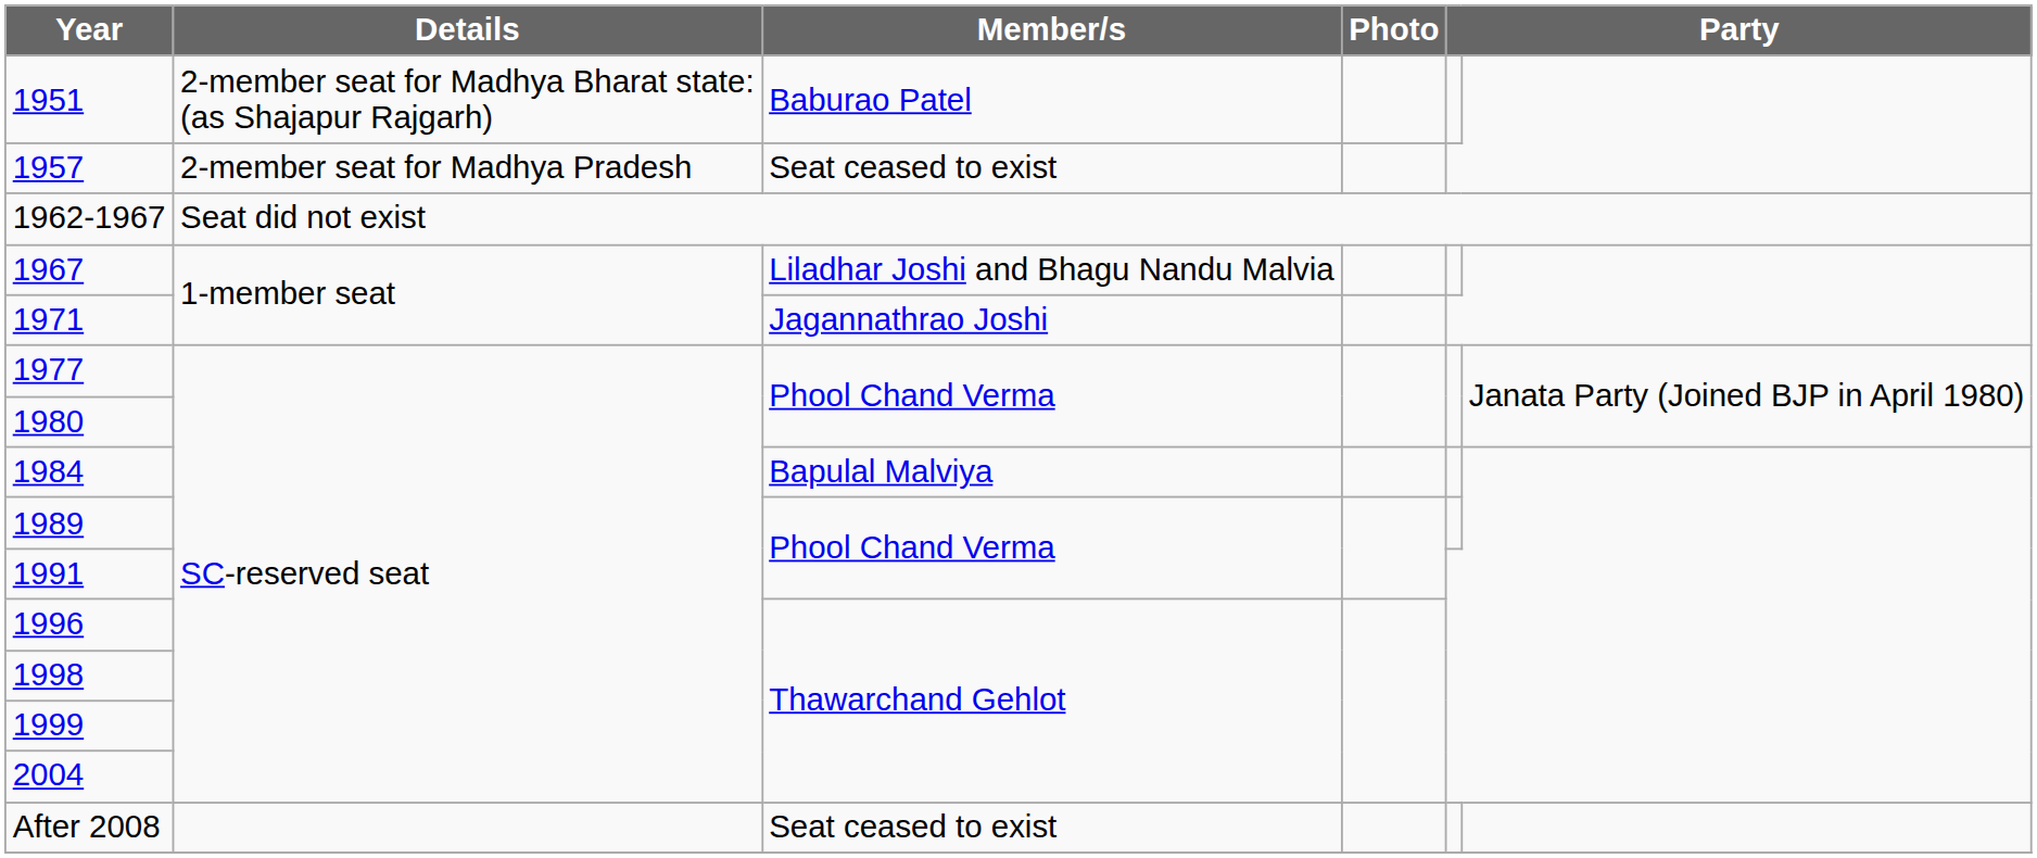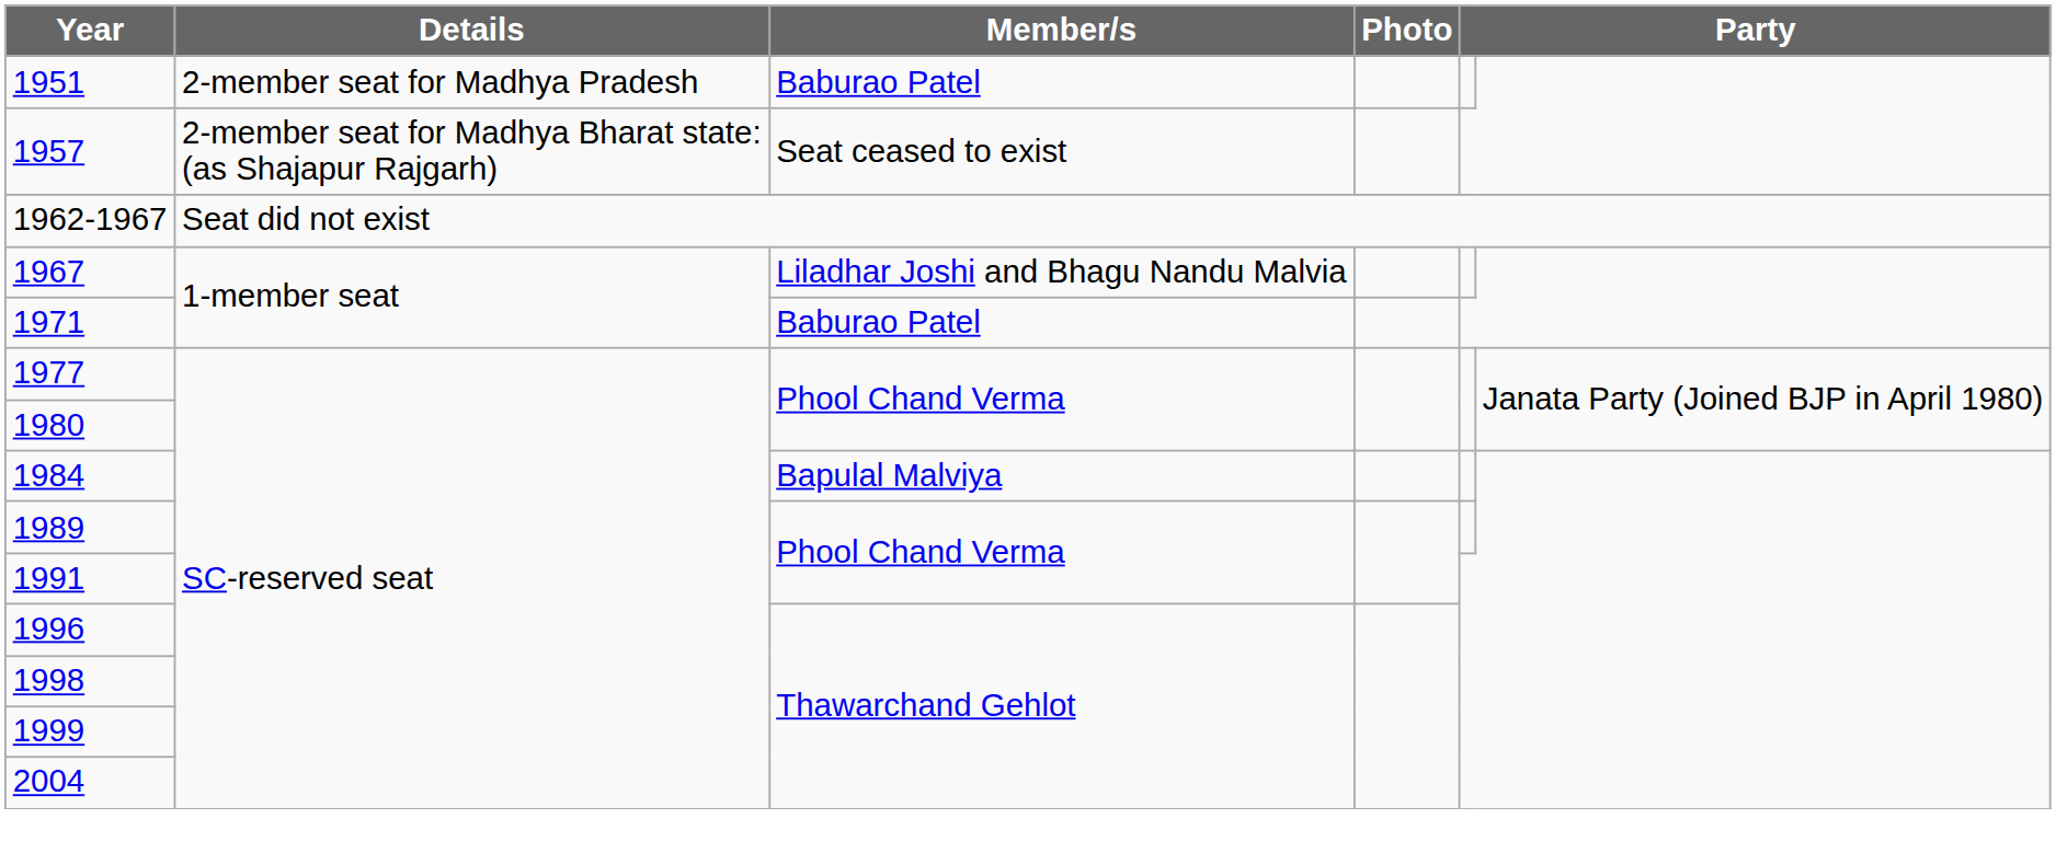 <table class="wikitable sortable">
 <tr>
 <th style="background-color:#666666; color:white">Year</th>
 <th style="background-color:#666666; color:white">Details</th>
 <th style="background-color:#666666; color:white">Member/s</th>
 <th style="background-color:#666666; color:white">Photo</th>
 <th style="background-color:#666666; color:white" colspan="2">Party</th>
 </tr>
 <tr>
 <td><a href='#'>1951</a></td>
-<td>2-member seat for Madhya Bharat state:<br> (as Shajapur Rajgarh)</td>
+<td>2-member seat for Madhya Pradesh</td>
 <td><a href='#'>Baburao Patel</a></td>
 <td></td>
 <td></td>
 </tr>
 <tr>
 <td><a href='#'>1957</a></td>
-<td>2-member seat for Madhya Pradesh</td>
+<td>2-member seat for Madhya Bharat state:<br> (as Shajapur Rajgarh)</td>
 <td>Seat ceased to exist</td>
 <td></td>
 </tr>
 <tr>
 <td>1962-1967</td>
 <td colspan="5">Seat did not exist</td>
 </tr>
 <tr>
 <td><a href='#'>1967</a></td>
 <td rowspan=2>1-member seat</td>
 <td><a href='#'>Liladhar Joshi</a> and Bhagu Nandu Malvia</td>
 <td></td>
 <td></td>
 </tr>
 <tr>
 <td><a href='#'>1971</a></td>
-<td><a href='#'>Jagannathrao Joshi</a></td>
+<td><a href='#'>Baburao Patel</a></td>
 <td></td>
 </tr>
 <tr>
 <td><a href='#'>1977</a></td>
 <td rowspan=9><a href='#'>SC</a>-reserved seat</td>
 <td rowspan=2><a href='#'>Phool Chand Verma</a></td>
 <td rowspan=2></td>
 <td rowspan=2 style="background-color: "></td>
 <td rowspan=2>Janata Party (Joined BJP in April 1980)</td>
 </tr>
 <tr>
 <td><a href='#'>1980</a></td>
 </tr>
 <tr>
 <td><a href='#'>1984</a></td>
 <td><a href='#'>Bapulal Malviya</a></td>
 <td></td>
 <td></td>
 </tr>
 <tr>
 <td><a href='#'>1989</a></td>
 <td rowspan=2><a href='#'>Phool Chand Verma</a></td>
 <td rowspan=2></td>
 <td></td>
 </tr>
 <tr>
 <td><a href='#'>1991</a></td>
 </tr>
 <tr>
 <td><a href='#'>1996</a></td>
 <td rowspan=4><a href='#'>Thawarchand Gehlot</a></td>
 <td rowspan=4></td>
 </tr>
 <tr>
 <td><a href='#'>1998</a></td>
 </tr>
 <tr>
 <td><a href='#'>1999</a></td>
 </tr>
 <tr>
 <td><a href='#'>2004</a></td>
 </tr>
 <tr>
-<td>After 2008</td>
-<td></td>
-<td>Seat ceased to exist</td>
-<td></td>
-<td></td>
-<td></td>
-</tr>
-<tr>
 </tr>
 </table>
